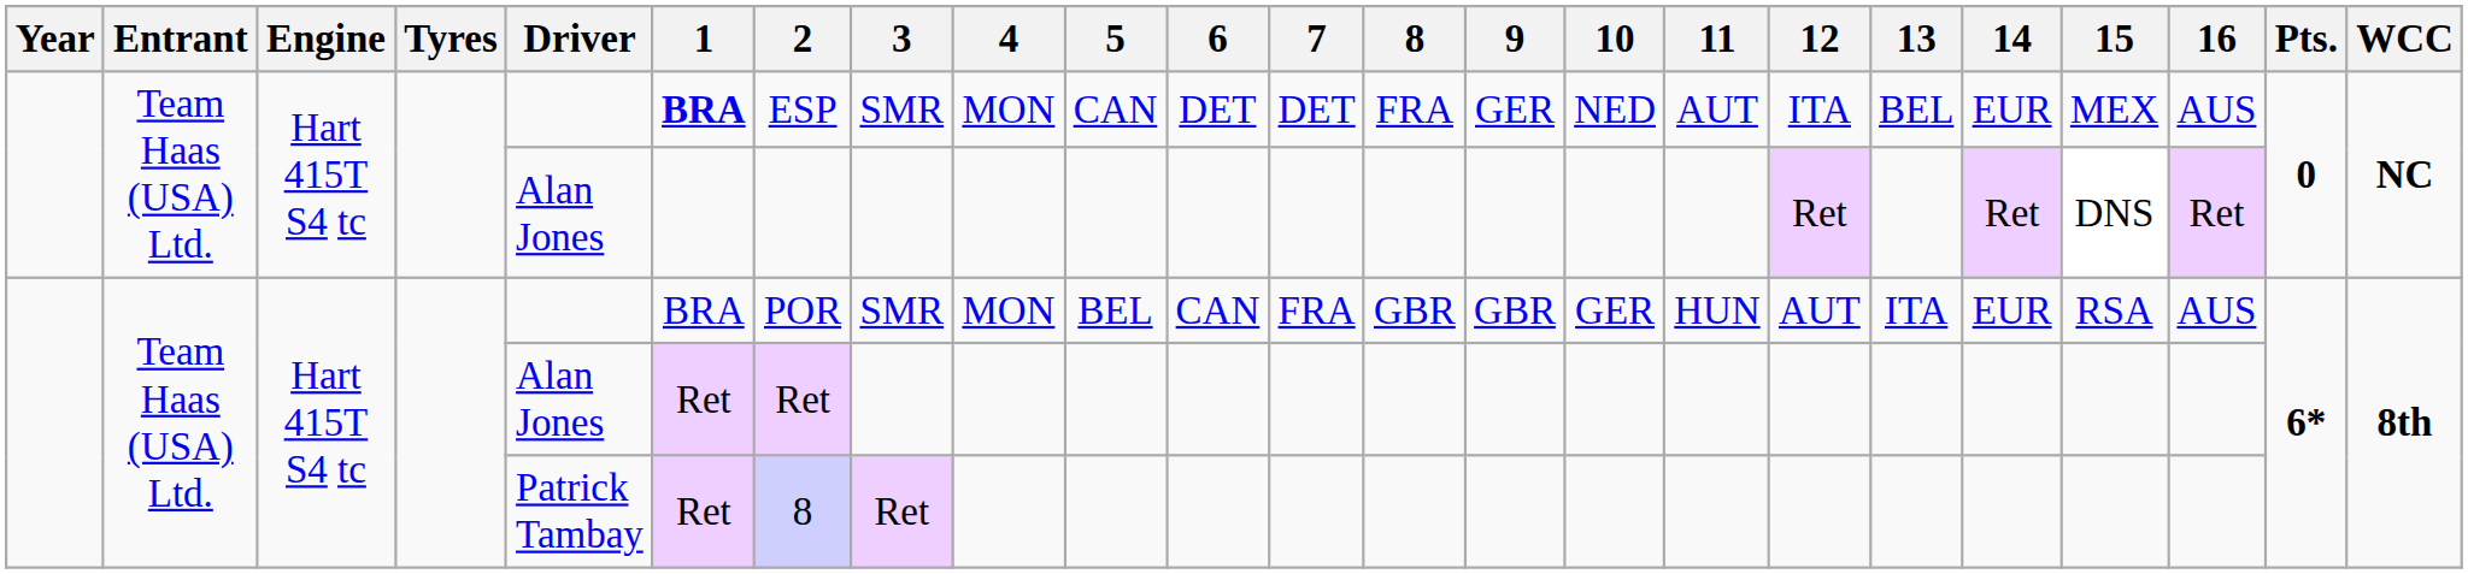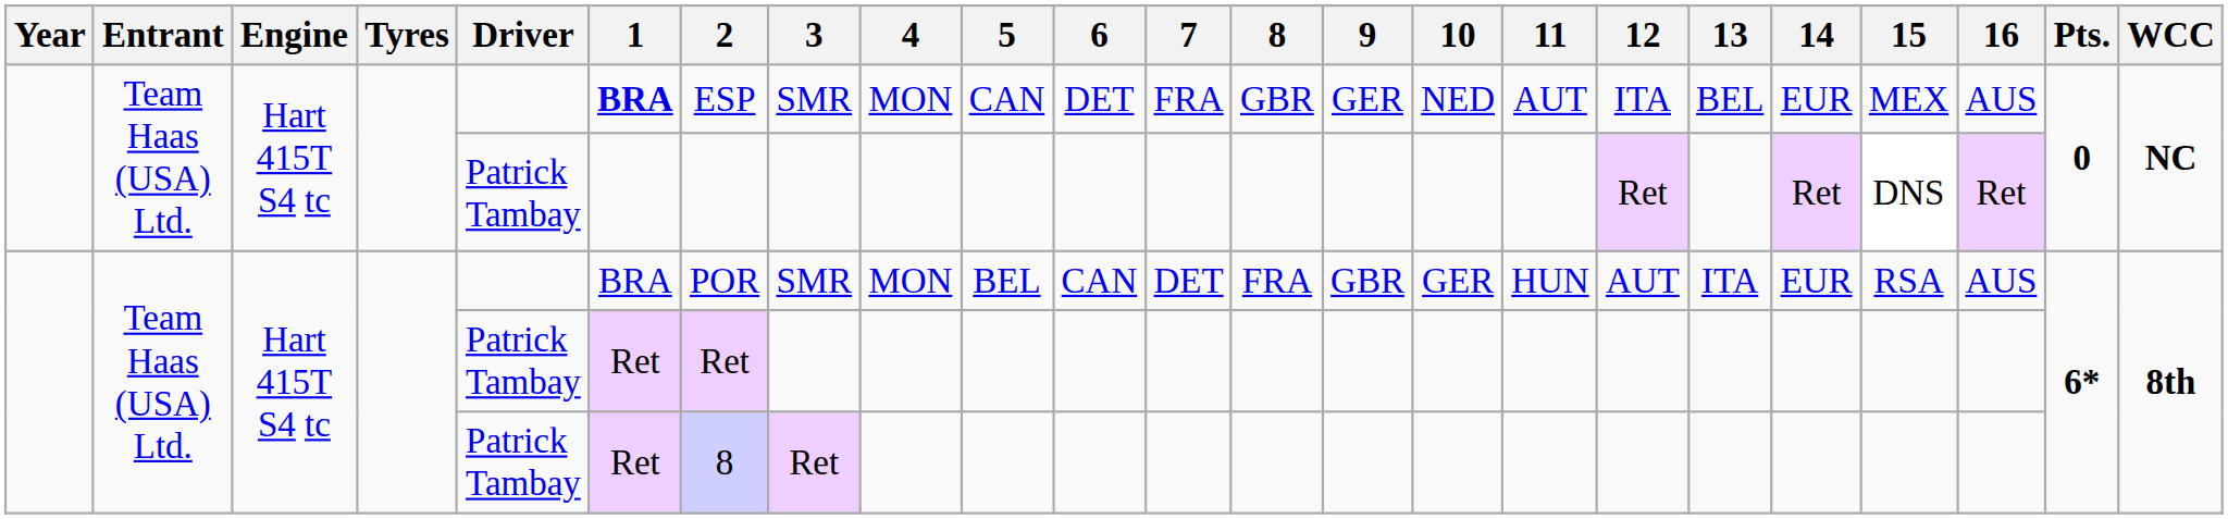 <table class="wikitable" style="text-align:center; font-size:95%">
 <tr>
 <th>Year</th>
 <th>Entrant</th>
 <th>Engine</th>
 <th>Tyres</th>
 <th>Driver</th>
 <th>1</th>
 <th>2</th>
 <th>3</th>
 <th>4</th>
 <th>5</th>
 <th>6</th>
 <th>7</th>
 <th>8</th>
 <th>9</th>
 <th>10</th>
 <th>11</th>
 <th>12</th>
 <th>13</th>
 <th>14</th>
 <th>15</th>
 <th>16</th>
 <th>Pts.</th>
 <th>WCC</th>
 </tr>
 <tr>
 <td rowspan="2"></td>
 <td rowspan="2"><a href='#'>Team Haas (USA) Ltd.</a></td>
 <td rowspan="2"><a href='#'>Hart</a> <a href='#'>415T</a><br><a href='#'>S4</a> <a href='#'>tc</a></td>
 <td rowspan="2"></td>
 <td></td>
 <td><strong><a href='#'>BRA</a></strong></td>
 <td><a href='#'>ESP</a></td>
 <td><a href='#'>SMR</a></td>
 <td><a href='#'>MON</a></td>
 <td><a href='#'>CAN</a></td>
 <td><a href='#'>DET</a></td>
-<td><a href='#'>DET</a></td>
 <td><a href='#'>FRA</a></td>
+<td><a href='#'>GBR</a></td>
 <td><a href='#'>GER</a></td>
 <td><a href='#'>NED</a></td>
 <td><a href='#'>AUT</a></td>
 <td><a href='#'>ITA</a></td>
 <td><a href='#'>BEL</a></td>
 <td><a href='#'>EUR</a></td>
 <td><a href='#'>MEX</a></td>
 <td><a href='#'>AUS</a></td>
 <td rowspan="2"><strong>0</strong></td>
 <td rowspan="2"><strong>NC</strong></td>
 </tr>
 <tr>
-<td align="left"><a href='#'>Alan Jones</a></td>
+<td align="left"><a href='#'>Patrick Tambay</a></td>
 <td></td>
 <td></td>
 <td></td>
 <td></td>
 <td></td>
 <td></td>
 <td></td>
 <td></td>
 <td></td>
 <td></td>
 <td></td>
 <td style="background:#efcfff;">Ret</td>
 <td></td>
 <td style="background:#efcfff;">Ret</td>
 <td style="background:#fff;">DNS</td>
 <td style="background:#efcfff;">Ret</td>
 </tr>
 <tr>
 <td rowspan="3"></td>
 <td rowspan="3"><a href='#'>Team Haas (USA) Ltd.</a></td>
 <td rowspan="3"><a href='#'>Hart</a> <a href='#'>415T</a><br><a href='#'>S4</a> <a href='#'>tc</a></td>
 <td rowspan="3"></td>
 <td></td>
 <td><a href='#'>BRA</a></td>
 <td><a href='#'>POR</a></td>
 <td><a href='#'>SMR</a></td>
 <td><a href='#'>MON</a></td>
 <td><a href='#'>BEL</a></td>
 <td><a href='#'>CAN</a></td>
+<td><a href='#'>DET</a></td>
 <td><a href='#'>FRA</a></td>
-<td><a href='#'>GBR</a></td>
 <td><a href='#'>GBR</a></td>
 <td><a href='#'>GER</a></td>
 <td><a href='#'>HUN</a></td>
 <td><a href='#'>AUT</a></td>
 <td><a href='#'>ITA</a></td>
 <td><a href='#'>EUR</a></td>
 <td><a href='#'>RSA</a></td>
 <td><a href='#'>AUS</a></td>
 <td rowspan="3"><strong>6*</strong></td>
 <td rowspan="3"><strong>8th</strong></td>
 </tr>
 <tr>
-<td align="left"><a href='#'>Alan Jones</a></td>
+<td align="left"><a href='#'>Patrick Tambay</a></td>
 <td style="background:#efcfff;">Ret</td>
 <td style="background:#efcfff;">Ret</td>
 <td></td>
 <td></td>
 <td></td>
 <td></td>
 <td></td>
 <td></td>
 <td></td>
 <td></td>
 <td></td>
 <td></td>
 <td></td>
 <td></td>
 <td></td>
 <td></td>
 </tr>
 <tr>
 <td align="left"><a href='#'>Patrick Tambay</a></td>
 <td style="background:#efcfff;">Ret</td>
 <td style="background:#cfcfff;">8</td>
 <td style="background:#efcfff;">Ret</td>
 <td></td>
 <td></td>
 <td></td>
 <td></td>
 <td></td>
 <td></td>
 <td></td>
 <td></td>
 <td></td>
 <td></td>
 <td></td>
 <td></td>
 <td></td>
 </tr>
 </table>
